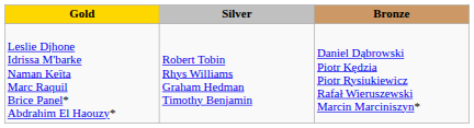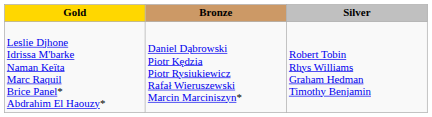 <table class="wikitable" style="text-align:left">
 <tr align="center">
 <td width=200 bgcolor=gold><strong>Gold</strong></td>
+<td width=200 bgcolor=CC9966><strong>Bronze</strong></td>
 <td width=200 bgcolor=silver><strong>Silver</strong></td>
-<td width=200 bgcolor=CC9966><strong>Bronze</strong></td>
 </tr>
 <tr>
 <td><em></em><br><a href='#'>Leslie Djhone</a><br> <a href='#'>Idrissa M'barke</a><br> <a href='#'>Naman Keïta</a><br> <a href='#'>Marc Raquil</a> <br><a href='#'>Brice Panel</a>*<br><a href='#'>Abdrahim El Haouzy</a>*</td>
+<td><em></em><br><a href='#'>Daniel Dąbrowski</a> <br> <a href='#'>Piotr Kędzia</a> <br> <a href='#'>Piotr Rysiukiewicz</a> <br> <a href='#'>Rafał Wieruszewski</a><br><a href='#'>Marcin Marciniszyn</a>*</td>
 <td><em></em><br><a href='#'>Robert Tobin</a><br><a href='#'>Rhys Williams</a><br> <a href='#'>Graham Hedman</a><br> <a href='#'>Timothy Benjamin</a></td>
-<td><em></em><br><a href='#'>Daniel Dąbrowski</a> <br> <a href='#'>Piotr Kędzia</a> <br> <a href='#'>Piotr Rysiukiewicz</a> <br> <a href='#'>Rafał Wieruszewski</a><br><a href='#'>Marcin Marciniszyn</a>*</td>
 </tr>
 </table>
